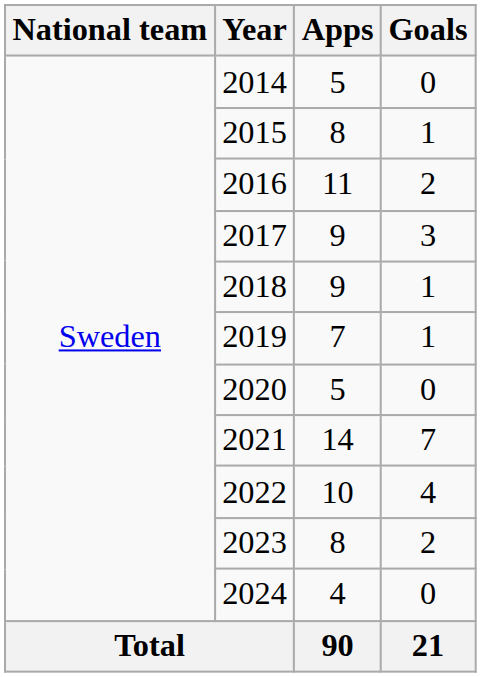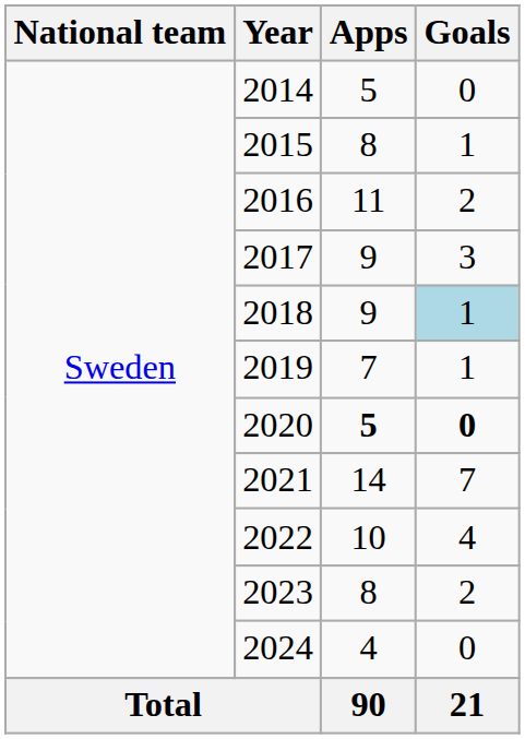 <table class="wikitable" style="text-align: center;">
 <tr>
 <th>National team</th>
 <th>Year</th>
 <th>Apps</th>
 <th>Goals</th>
 </tr>
 <tr>
 <td rowspan="11"><a href='#'>Sweden</a></td>
 <td>2014</td>
 <td>5</td>
 <td>0</td>
 </tr>
 <tr>
 <td>2015</td>
 <td>8</td>
 <td>1</td>
 </tr>
 <tr>
 <td>2016</td>
 <td>11</td>
 <td>2</td>
 </tr>
 <tr>
 <td>2017</td>
 <td>9</td>
 <td>3</td>
 </tr>
 <tr>
 <td>2018</td>
 <td>9</td>
-<td>1</td>
+<td style="background: lightblue;">1</td>
 </tr>
 <tr>
 <td>2019</td>
 <td>7</td>
 <td>1</td>
 </tr>
 <tr>
 <td>2020</td>
-<td>5</td>
-<td>0</td>
+<td><strong>5</strong></td>
+<td><strong>0</strong></td>
 </tr>
 <tr>
 <td>2021</td>
 <td>14</td>
 <td>7</td>
 </tr>
 <tr>
 <td>2022</td>
 <td>10</td>
 <td>4</td>
 </tr>
 <tr>
 <td>2023</td>
 <td>8</td>
 <td>2</td>
 </tr>
 <tr>
 <td>2024</td>
 <td>4</td>
 <td>0</td>
 </tr>
 <tr>
 <th colspan="2">Total</th>
 <th>90</th>
 <th>21</th>
 </tr>
 </table>
